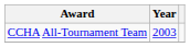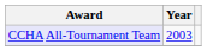 <table class="wikitable">
 <tr>
 <th>Award</th>
 <th>Year</th>
 <th></th>
 </tr>
 <tr>
-<td><a href='#'>CCHA</a> <a href='#'>All-Tournament Team</a></td>
+<td style="background: lavender;"><a href='#'>CCHA</a> <a href='#'>All-Tournament Team</a></td>
 <td><a href='#'>2003</a></td>
 <td></td>
 </tr>
 <tr>
 </tr>
 </table>
